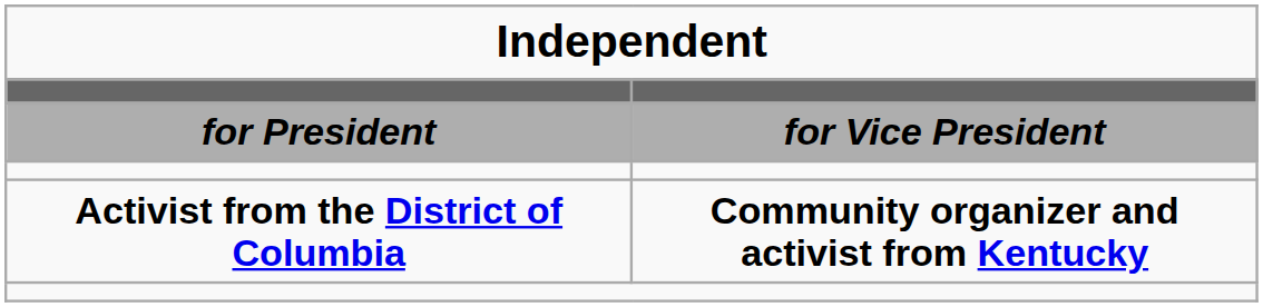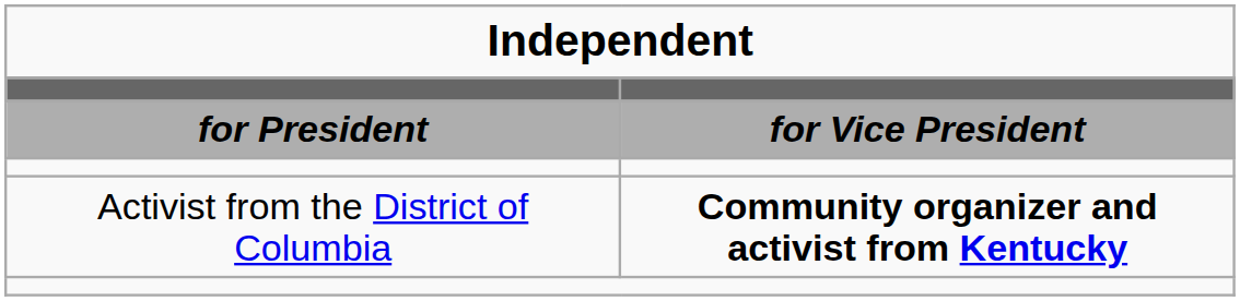 <table class="wikitable " style="font-size:90%; text-align:center">
 <tr>
 <td colspan=2><big><strong>Independent</strong></big></td>
 </tr>
 <tr>
 <th style="font-size:135%; background:#666666"></th>
 <th style="font-size:135%; background:#666666"></th>
 </tr>
 <tr style="color:#000; font-size:100%; background:#AEAEAE">
 <td><strong><em>for President</em></strong></td>
 <td><strong><em>for Vice President</em></strong></td>
 </tr>
 <tr>
 <td></td>
 <td></td>
 </tr>
 <tr>
-<td style=width:16em><strong>Activist from the <a href='#'>District of Columbia</a></strong></td>
+<td style=width:16em>Activist from the <a href='#'>District of Columbia</a></td>
 <td style=width:16em><strong>Community organizer and activist from <a href='#'>Kentucky</a></strong></td>
 </tr>
 <tr>
 <td colspan=2></td>
 </tr>
 </table>
